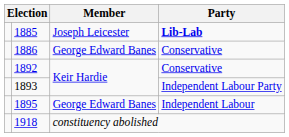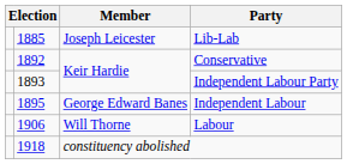 <table class="wikitable">
 <tr>
 <th colspan="2">Election</th>
 <th>Member</th>
 <th>Party</th>
 </tr>
 <tr>
 <td style="color:inherit;background-color: "></td>
 <td><a href='#'>1885</a></td>
 <td><a href='#'>Joseph Leicester</a></td>
-<td><strong><a href='#'>Lib-Lab</a></strong></td>
-</tr>
-<tr>
-<td style="color:inherit;background-color: "></td>
-<td><a href='#'>1886</a></td>
-<td><a href='#'>George Edward Banes</a></td>
-<td><a href='#'>Conservative</a></td>
+<td><a href='#'>Lib-Lab</a></td>
 </tr>
 <tr>
 <td style="color:inherit;background-color: "></td>
 <td><a href='#'>1892</a></td>
 <td rowspan=2><a href='#'>Keir Hardie</a></td>
 <td><a href='#'>Conservative</a></td>
 </tr>
 <tr>
 <td style="color:inherit;background-color: "></td>
 <td>1893</td>
 <td><a href='#'>Independent Labour Party</a></td>
 </tr>
 <tr>
 <td style="color:inherit;background-color: "></td>
 <td><a href='#'>1895</a></td>
 <td><a href='#'>George Edward Banes</a></td>
 <td><a href='#'>Independent Labour</a></td>
 </tr>
 <tr>
+<td style="color:inherit;background-color: "></td>
+<td><a href='#'>1906</a></td>
+<td><a href='#'>Will Thorne</a></td>
+<td><a href='#'>Labour</a></td>
+</tr>
+<tr>
 <td></td>
 <td><a href='#'>1918</a></td>
 <td colspan="2"><em>constituency abolished</em></td>
 </tr>
 </table>
